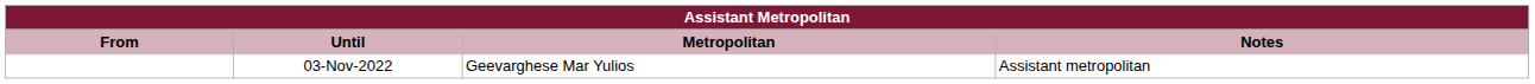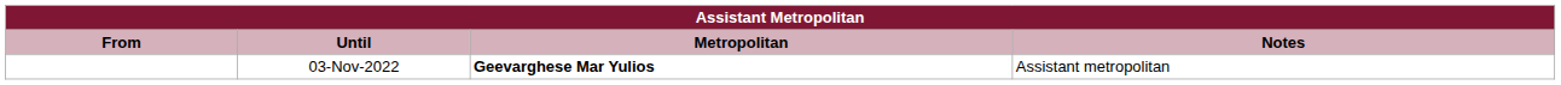 <table class="wikitable" style="width: 100%;">
 <tr>
 <th colspan="4" style="background-color: #7F1734; color: white;">Assistant Metropolitan</th>
 </tr>
 <tr>
 <th style="background-color: #D4B1BB; width: 15%;">From</th>
 <th style="background-color: #D4B1BB; width: 15%;">Until</th>
 <th style="background-color: #D4B1BB; width: 35%;">Metropolitan</th>
 <th style="background-color: #D4B1BB; width: 35%;">Notes</th>
 </tr>
 <tr valign="top" style="background-color: white;">
 <td style="text-align: center;"></td>
 <td style="text-align: center;">03-Nov-2022</td>
-<td>Geevarghese Mar Yulios</td>
+<td><strong>Geevarghese Mar Yulios</strong></td>
 <td>Assistant metropolitan</td>
 </tr>
 </table>
